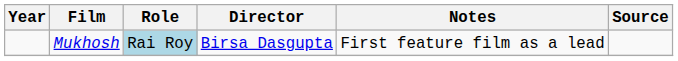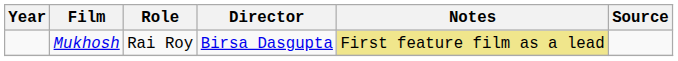 <table class="wikitable sortable plainrowheaders">
 <tr>
 <th>Year</th>
 <th>Film</th>
 <th>Role</th>
 <th>Director</th>
 <th>Notes</th>
 <th class="unsortable">Source</th>
 </tr>
 <tr>
 <td></td>
 <td><em><a href='#'>Mukhosh</a></em></td>
-<td style="background: lightblue;">Rai Roy</td>
+<td>Rai Roy</td>
 <td><a href='#'>Birsa Dasgupta</a></td>
-<td>First feature film as a lead</td>
+<td style="background: khaki;">First feature film as a lead</td>
 <td></td>
 </tr>
 <tr>
 </tr>
 </table>
